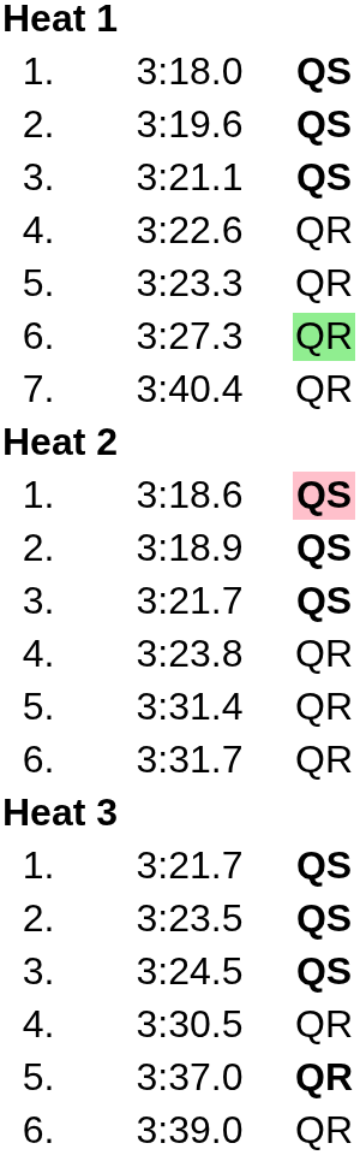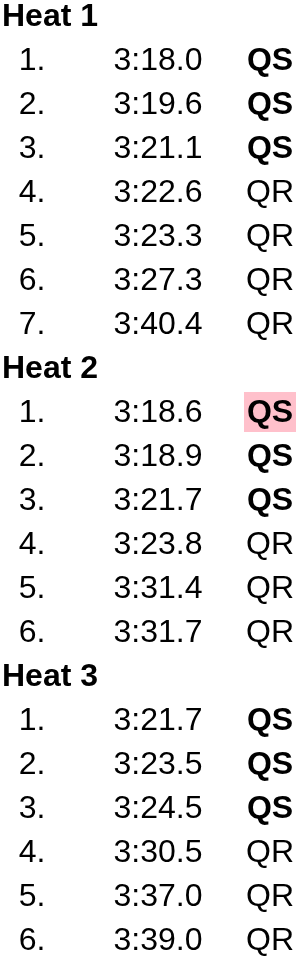 <table style="text-align:center">
 <tr>
 <td colspan=4 align=left><strong>Heat 1</strong></td>
 </tr>
 <tr>
 <td width=30>1.</td>
 <td align=left></td>
 <td width=80>3:18.0</td>
 <td><strong>QS</strong></td>
 </tr>
 <tr>
 <td>2.</td>
 <td align=left></td>
 <td>3:19.6</td>
 <td><strong>QS</strong></td>
 </tr>
 <tr>
 <td>3.</td>
 <td align=left></td>
 <td>3:21.1</td>
 <td><strong>QS</strong></td>
 </tr>
 <tr>
 <td>4.</td>
 <td align=left></td>
 <td>3:22.6</td>
 <td>QR</td>
 </tr>
 <tr>
 <td>5.</td>
 <td align=left></td>
 <td>3:23.3</td>
 <td>QR</td>
 </tr>
 <tr>
 <td>6.</td>
 <td align=left></td>
 <td>3:27.3</td>
-<td style="background: lightgreen;">QR</td>
+<td>QR</td>
 </tr>
 <tr>
 <td>7.</td>
 <td align=left></td>
 <td>3:40.4</td>
 <td>QR</td>
 </tr>
 <tr>
 <td colspan=4 align=left><strong>Heat 2</strong></td>
 </tr>
 <tr>
 <td>1.</td>
 <td align=left></td>
 <td>3:18.6</td>
 <td style="background: pink;"><strong>QS</strong></td>
 </tr>
 <tr>
 <td>2.</td>
 <td align=left></td>
 <td>3:18.9</td>
 <td><strong>QS</strong></td>
 </tr>
 <tr>
 <td>3.</td>
 <td align=left></td>
 <td>3:21.7</td>
 <td><strong>QS</strong></td>
 </tr>
 <tr>
 <td>4.</td>
 <td align=left></td>
 <td>3:23.8</td>
 <td>QR</td>
 </tr>
 <tr>
 <td>5.</td>
 <td align=left></td>
 <td>3:31.4</td>
 <td>QR</td>
 </tr>
 <tr>
 <td>6.</td>
 <td align=left></td>
 <td>3:31.7</td>
 <td>QR</td>
 </tr>
 <tr>
 <td colspan=4 align=left><strong>Heat 3</strong></td>
 </tr>
 <tr>
 <td>1.</td>
 <td align=left></td>
 <td>3:21.7</td>
 <td><strong>QS</strong></td>
 </tr>
 <tr>
 <td>2.</td>
 <td align=left></td>
 <td>3:23.5</td>
 <td><strong>QS</strong></td>
 </tr>
 <tr>
 <td>3.</td>
 <td align=left></td>
 <td>3:24.5</td>
 <td><strong>QS</strong></td>
 </tr>
 <tr>
 <td>4.</td>
 <td align=left></td>
 <td>3:30.5</td>
 <td>QR</td>
 </tr>
 <tr>
 <td>5.</td>
 <td align=left></td>
 <td>3:37.0</td>
-<td><strong>QR</strong></td>
+<td>QR</td>
 </tr>
 <tr>
 <td>6.</td>
 <td align=left></td>
 <td>3:39.0</td>
 <td>QR</td>
 </tr>
 </table>
